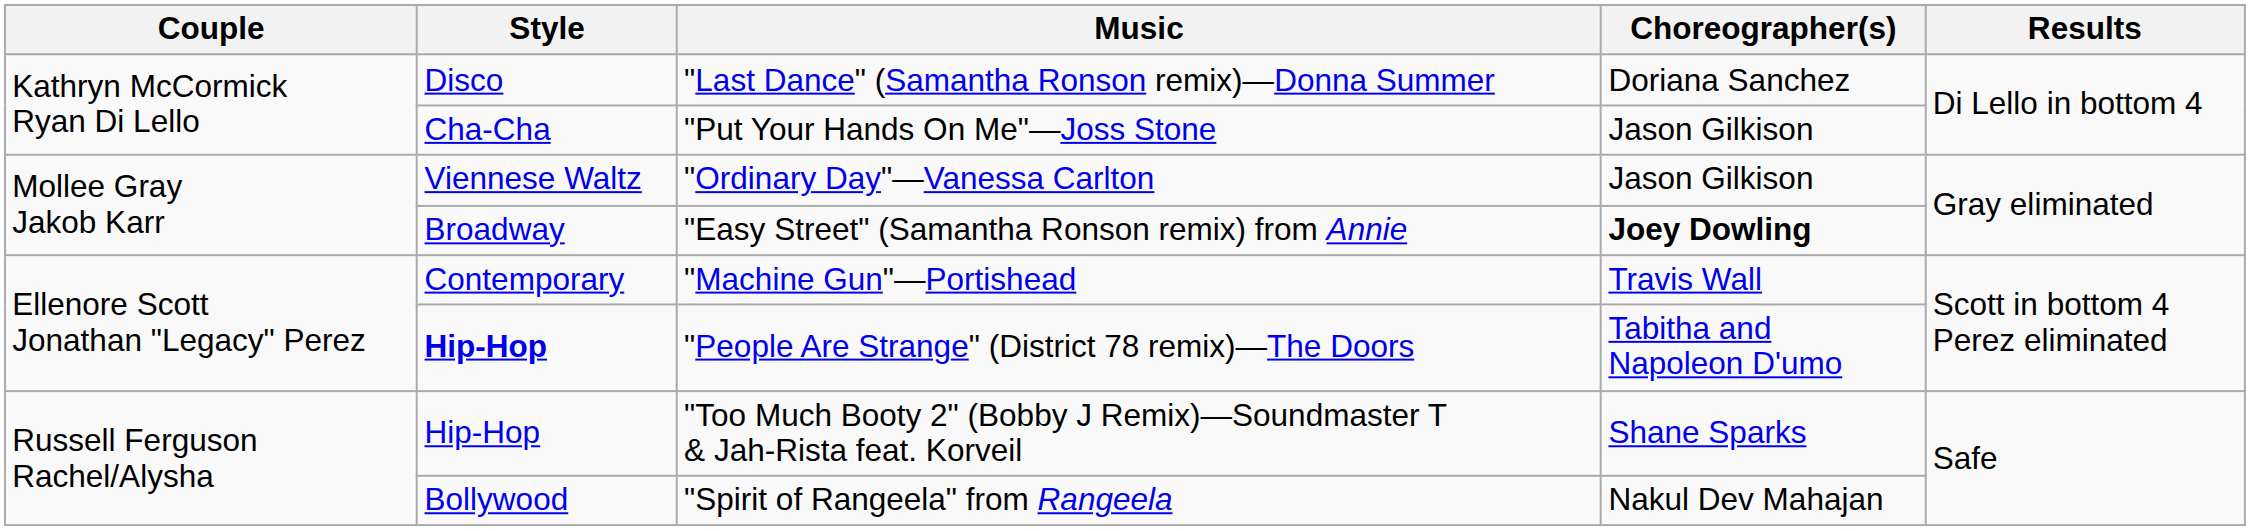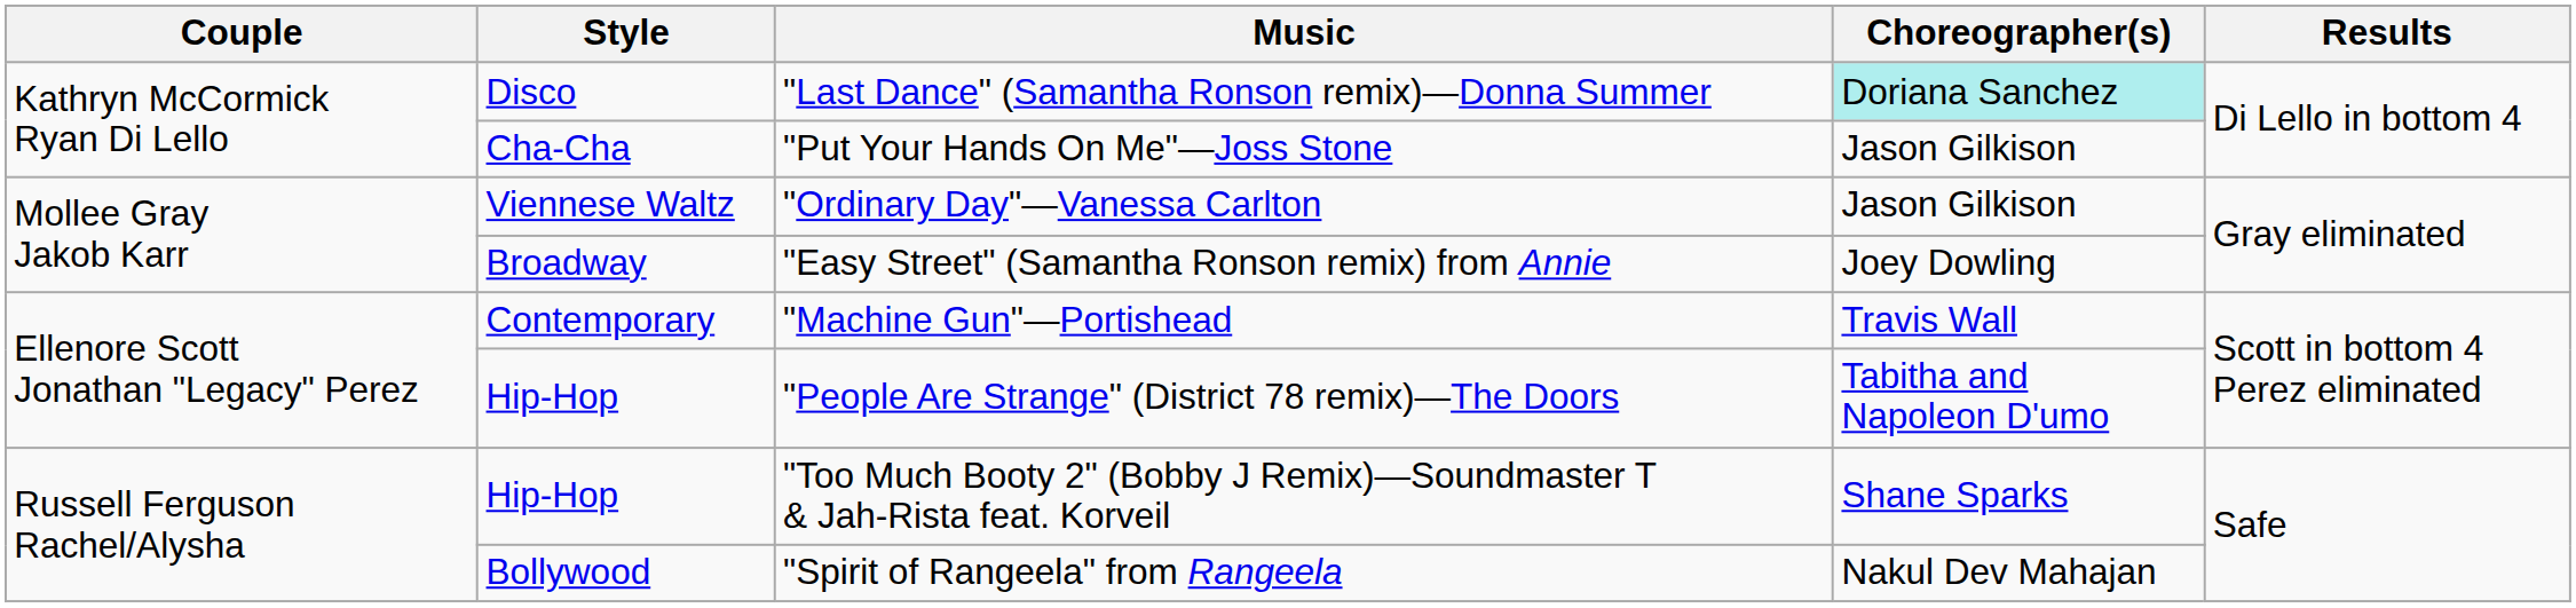 <table class="wikitable" style="width:90%;">
 <tr>
 <th>Couple</th>
 <th>Style</th>
 <th>Music</th>
 <th>Choreographer(s)</th>
 <th>Results</th>
 </tr>
 <tr>
 <td rowspan="2">Kathryn McCormick<br>Ryan Di Lello</td>
 <td><a href='#'>Disco</a></td>
 <td>"<a href='#'>Last Dance</a>" (<a href='#'>Samantha Ronson</a> remix)—<a href='#'>Donna Summer</a></td>
-<td>Doriana Sanchez</td>
+<td style="background: paleturquoise;">Doriana Sanchez</td>
 <td rowspan="2">Di Lello in bottom 4</td>
 </tr>
 <tr>
 <td><a href='#'>Cha-Cha</a></td>
 <td>"Put Your Hands On Me"—<a href='#'>Joss Stone</a></td>
 <td>Jason Gilkison</td>
 </tr>
 <tr>
 <td rowspan="2">Mollee Gray<br>Jakob Karr</td>
 <td><a href='#'>Viennese Waltz</a></td>
 <td>"<a href='#'>Ordinary Day</a>"—<a href='#'>Vanessa Carlton</a></td>
 <td>Jason Gilkison</td>
 <td rowspan="2">Gray eliminated</td>
 </tr>
 <tr>
 <td><a href='#'>Broadway</a></td>
 <td>"Easy Street" (Samantha Ronson remix) from <em><a href='#'>Annie</a></em></td>
-<td><strong>Joey Dowling</strong></td>
+<td>Joey Dowling</td>
 </tr>
 <tr>
 <td rowspan="2">Ellenore Scott<br>Jonathan "Legacy" Perez</td>
 <td><a href='#'>Contemporary</a></td>
 <td>"<a href='#'>Machine Gun</a>"—<a href='#'>Portishead</a></td>
 <td><a href='#'>Travis Wall</a></td>
 <td rowspan="2">Scott in bottom 4<br>Perez eliminated</td>
 </tr>
 <tr>
-<td><strong><a href='#'>Hip-Hop</a></strong></td>
+<td><a href='#'>Hip-Hop</a></td>
 <td>"<a href='#'>People Are Strange</a>" (District 78 remix)—<a href='#'>The Doors</a></td>
 <td><a href='#'>Tabitha and<br>Napoleon D'umo</a></td>
 </tr>
 <tr>
 <td rowspan="2">Russell Ferguson<br>Rachel/Alysha</td>
 <td><a href='#'>Hip-Hop</a></td>
 <td>"Too Much Booty 2" (Bobby J Remix)—Soundmaster T<br>& Jah-Rista feat. Korveil</td>
 <td><a href='#'>Shane Sparks</a></td>
 <td rowspan="2">Safe</td>
 </tr>
 <tr>
 <td><a href='#'>Bollywood</a></td>
 <td>"Spirit of Rangeela" from <em><a href='#'>Rangeela</a></em></td>
 <td>Nakul Dev Mahajan</td>
 </tr>
 </table>
